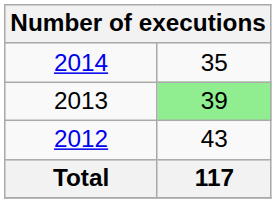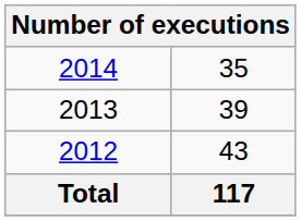 <table class="wikitable" style="text-align:center;">
 <tr>
 <th colspan="2">Number of executions</th>
 </tr>
 <tr>
 <td><a href='#'>2014</a></td>
 <td>35</td>
 </tr>
 <tr>
 <td>2013</td>
-<td style="background: lightgreen;">39</td>
+<td>39</td>
 </tr>
 <tr>
 <td><a href='#'>2012</a></td>
 <td>43</td>
 </tr>
 <tr>
 <th>Total</th>
 <th>117</th>
 </tr>
 <tr>
 </tr>
 </table>
